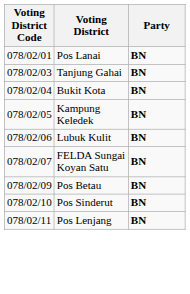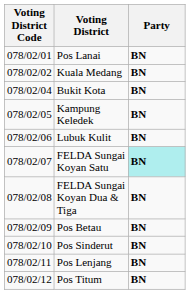 <table class ="wikitable sortable">
 <tr>
 <th style="width:30px;">Voting District Code</th>
 <th style="width:100px;">Voting District</th>
 <th style="width:75px;">Party</th>
 </tr>
 <tr>
 <td>078/02/01</td>
 <td>Pos Lanai</td>
 <td><strong>BN</strong></td>
 </tr>
 <tr>
-<td>078/02/03</td>
-<td>Tanjung Gahai</td>
+<td>078/02/02</td>
+<td>Kuala Medang</td>
 <td><strong>BN</strong></td>
 </tr>
 <tr>
 <td>078/02/04</td>
 <td>Bukit Kota</td>
 <td><strong>BN</strong></td>
 </tr>
 <tr>
 <td>078/02/05</td>
 <td>Kampung Keledek</td>
 <td><strong>BN</strong></td>
 </tr>
 <tr>
 <td>078/02/06</td>
 <td>Lubuk Kulit</td>
 <td><strong>BN</strong></td>
 </tr>
 <tr>
 <td>078/02/07</td>
 <td>FELDA Sungai Koyan Satu</td>
+<td style="background: paleturquoise;"><strong>BN</strong></td>
+</tr>
+<tr>
+<td>078/02/08</td>
+<td>FELDA Sungai Koyan Dua & Tiga</td>
 <td><strong>BN</strong></td>
 </tr>
 <tr>
 <td>078/02/09</td>
 <td>Pos Betau</td>
 <td><strong>BN</strong></td>
 </tr>
 <tr>
 <td>078/02/10</td>
 <td>Pos Sinderut</td>
 <td><strong>BN</strong></td>
 </tr>
 <tr>
 <td>078/02/11</td>
 <td>Pos Lenjang</td>
 <td><strong>BN</strong></td>
 </tr>
+<tr>
+<td>078/02/12</td>
+<td>Pos Titum</td>
+<td><strong>BN</strong></td>
+</tr>
 </table>
